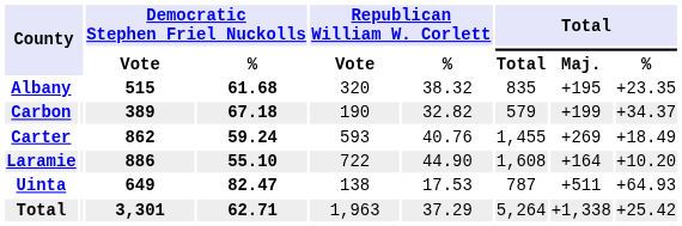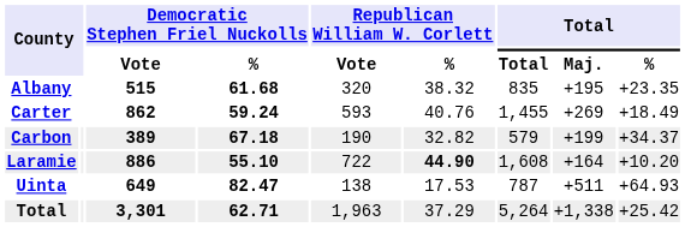 <table class="toccolours sortable" style="text-align:center;">
 <tr style="background:lavender">
 <th rowspan="3" colspan="2">County</th>
 <th colspan=2><a href='#'>Democratic</a><br><a href='#'>Stephen Friel Nuckolls</a></th>
 <th colspan=2><a href='#'>Republican</a><br><a href='#'>William W. Corlett</a></th>
 <th colspan=3>Total</th>
 </tr>
 <tr>
 <th colspan=2 style="background-color:"></th>
 <th colspan=2 style="background-color:"></th>
 <th colspan=3 style="background-color:#000000"></th>
 </tr>
 <tr>
 <th align="center">Vote</th>
 <th align="center">%</th>
 <th align="center">Vote</th>
 <th align="center">%</th>
 <th align="center">Total</th>
 <th align="center">Maj.</th>
 <th align="center">%</th>
 </tr>
 <tr>
 <th><a href='#'>Albany</a></th>
 <td style="background-color:"></td>
 <td><strong>515</strong></td>
 <td><strong>61.68</strong></td>
 <td>320</td>
 <td>38.32</td>
 <td>835</td>
 <td>+195</td>
 <td>+23.35</td>
 </tr>
-<tr style="background:#EEEEEE;">
-<th><a href='#'>Carbon</a></th>
-<td style="background-color:"></td>
-<td><strong>389</strong></td>
-<td><strong>67.18</strong></td>
-<td>190</td>
-<td>32.82</td>
-<td>579</td>
-<td>+199</td>
-<td>+34.37</td>
-</tr>
 <tr>
 <th><a href='#'>Carter</a></th>
 <td style="background-color:"></td>
 <td><strong>862</strong></td>
 <td><strong>59.24</strong></td>
 <td>593</td>
 <td>40.76</td>
 <td>1,455</td>
 <td>+269</td>
 <td>+18.49</td>
 </tr>
 <tr style="background:#EEEEEE;">
+<th><a href='#'>Carbon</a></th>
+<td style="background-color:"></td>
+<td><strong>389</strong></td>
+<td><strong>67.18</strong></td>
+<td>190</td>
+<td>32.82</td>
+<td>579</td>
+<td>+199</td>
+<td>+34.37</td>
+</tr>
+<tr style="background:#EEEEEE;">
 <th><a href='#'>Laramie</a></th>
 <td style="background-color:"></td>
 <td><strong>886</strong></td>
 <td><strong>55.10</strong></td>
 <td>722</td>
-<td>44.90</td>
+<td><strong>44.90</strong></td>
 <td>1,608</td>
 <td>+164</td>
 <td>+10.20</td>
 </tr>
 <tr>
 <th><a href='#'>Uinta</a></th>
 <td style="background-color:"></td>
 <td><strong>649	</strong></td>
 <td><strong>82.47</strong></td>
 <td>138</td>
 <td>17.53</td>
 <td>787</td>
 <td>+511</td>
 <td>+64.93</td>
 </tr>
 <tr style="background:#EEEEEE;">
 <th>Total</th>
 <td style="background-color:"></td>
 <td><strong>3,301</strong></td>
 <td><strong>62.71</strong></td>
 <td>1,963</td>
 <td>37.29</td>
 <td>5,264</td>
 <td>+1,338</td>
 <td>+25.42</td>
 </tr>
 </table>
